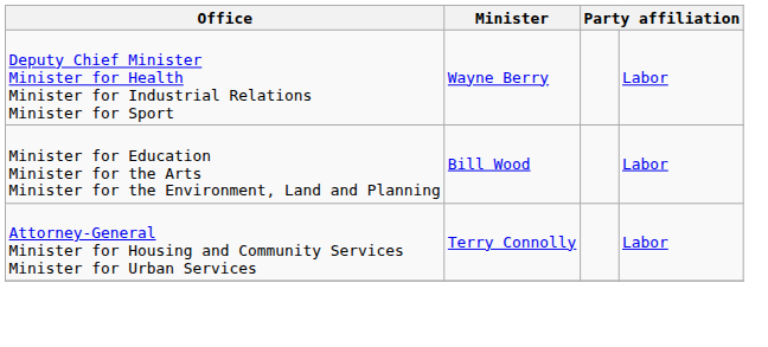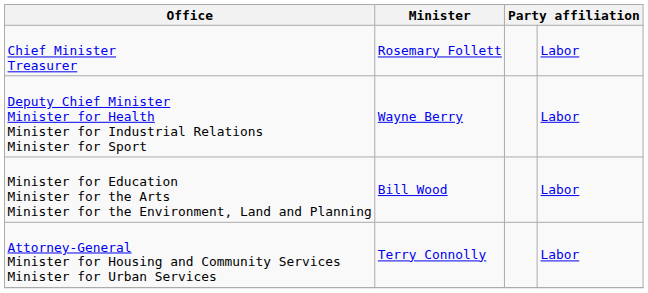 <table class="wikitable">
 <tr>
 <th>Office</th>
 <th>Minister</th>
 <th colspan=2>Party affiliation</th>
+</tr>
+<tr>
+<td><br><a href='#'>Chief Minister</a><br> <a href='#'>Treasurer</a></td>
+<td><a href='#'>Rosemary Follett</a></td>
+<td> </td>
+<td><a href='#'>Labor</a></td>
 </tr>
 <tr>
 <td><br><a href='#'>Deputy Chief Minister</a><br> <a href='#'>Minister for Health</a><br> Minister for Industrial Relations<br> Minister for Sport</td>
 <td><a href='#'>Wayne Berry</a></td>
 <td> </td>
 <td><a href='#'>Labor</a></td>
 </tr>
 <tr>
 <td><br>Minister for Education<br> Minister for the Arts<br> Minister for the Environment, Land and Planning</td>
 <td><a href='#'>Bill Wood</a></td>
 <td> </td>
 <td><a href='#'>Labor</a></td>
 </tr>
 <tr>
 <td><br><a href='#'>Attorney-General</a><br> Minister for Housing and Community Services<br> Minister for Urban Services</td>
 <td><a href='#'>Terry Connolly</a></td>
 <td> </td>
 <td><a href='#'>Labor</a></td>
 </tr>
 <tr>
 </tr>
 </table>
